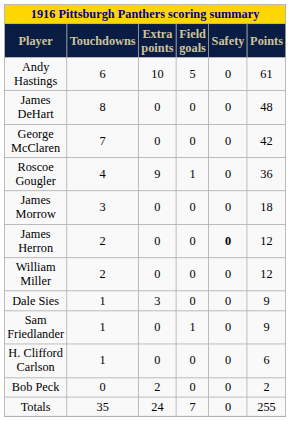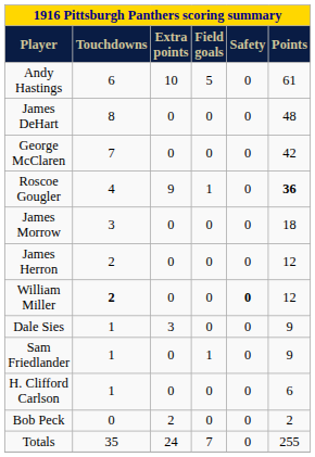 <table class="wikitable" width="35%">
 <tr>
 <th colspan="10" style="background:gold; color:darkblue; text-align: center;"><strong>1916 Pittsburgh Panthers scoring summary</strong></th>
 </tr>
 <tr align="center"  style="background:#091C44;color:#CEC499;">
 <td><strong>Player</strong></td>
 <td><strong>Touchdowns</strong></td>
 <td><strong>Extra points</strong></td>
 <td><strong>Field goals</strong></td>
 <td><strong>Safety</strong></td>
 <td><strong>Points</strong></td>
 </tr>
 <tr align="center" bgcolor="">
 <td>Andy Hastings</td>
 <td>6</td>
 <td>10</td>
 <td>5</td>
 <td>0</td>
 <td>61</td>
 </tr>
 <tr align="center" bgcolor="">
 <td>James DeHart</td>
 <td>8</td>
 <td>0</td>
 <td>0</td>
 <td>0</td>
 <td>48</td>
 </tr>
 <tr align="center" bgcolor="">
 <td>George McClaren</td>
 <td>7</td>
 <td>0</td>
 <td>0</td>
 <td>0</td>
 <td>42</td>
 </tr>
 <tr align="center" bgcolor="">
 <td>Roscoe Gougler</td>
 <td>4</td>
 <td>9</td>
 <td>1</td>
 <td>0</td>
-<td>36</td>
+<td><strong>36</strong></td>
 </tr>
 <tr align="center" bgcolor="">
 <td>James Morrow</td>
 <td>3</td>
 <td>0</td>
 <td>0</td>
 <td>0</td>
 <td>18</td>
 </tr>
 <tr align="center" bgcolor="">
 <td>James Herron</td>
 <td>2</td>
 <td>0</td>
 <td>0</td>
-<td><strong>0</strong></td>
+<td>0</td>
 <td>12</td>
 </tr>
 <tr align="center" bgcolor="">
 <td>William Miller</td>
-<td>2</td>
+<td><strong>2</strong></td>
 <td>0</td>
 <td>0</td>
-<td>0</td>
+<td><strong>0</strong></td>
 <td>12</td>
 </tr>
 <tr align="center" bgcolor="">
 <td>Dale Sies</td>
 <td>1</td>
 <td>3</td>
 <td>0</td>
 <td>0</td>
 <td>9</td>
 </tr>
 <tr align="center" bgcolor="">
 <td>Sam Friedlander</td>
 <td>1</td>
 <td>0</td>
 <td>1</td>
 <td>0</td>
 <td>9</td>
 </tr>
 <tr align="center" bgcolor="">
 <td>H. Clifford Carlson</td>
 <td>1</td>
 <td>0</td>
 <td>0</td>
 <td>0</td>
 <td>6</td>
 </tr>
 <tr align="center" bgcolor="">
 <td>Bob Peck</td>
 <td>0</td>
 <td>2</td>
 <td>0</td>
 <td>0</td>
 <td>2</td>
 </tr>
 <tr align="center" bgcolor="">
 <td>Totals</td>
 <td>35</td>
 <td>24</td>
 <td>7</td>
 <td>0</td>
 <td>255</td>
 </tr>
 <tr align="center" bgcolor="">
 </tr>
 </table>
